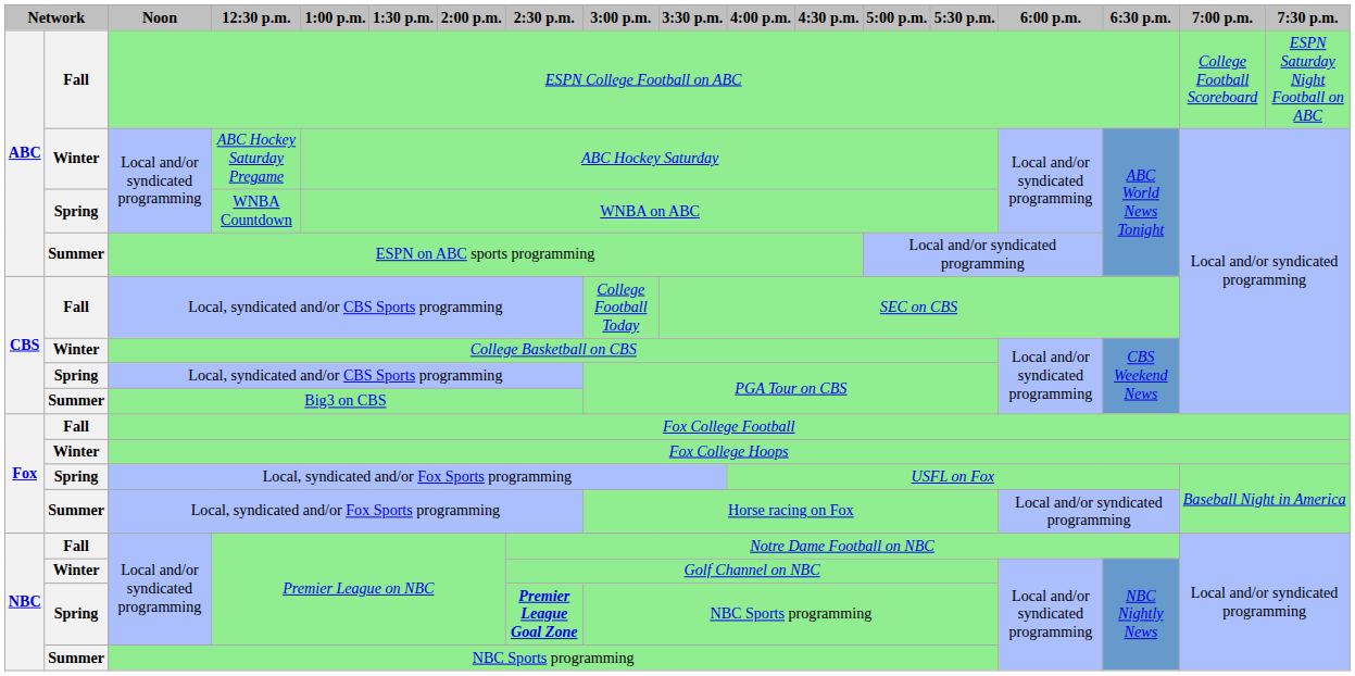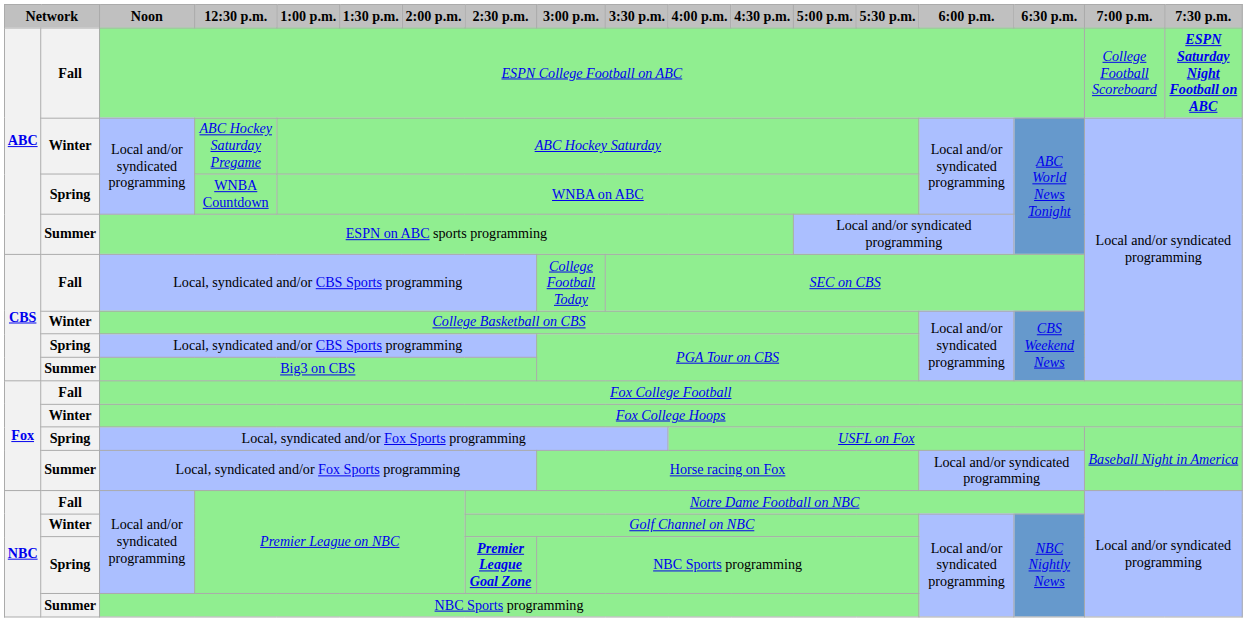 <table class="wikitable" style="width:100%;margin-right:0;font-size:90%;text-align:center">
 <tr>
 <th colspan="2" style="background:#C0C0C0; width:1.5%; text-align:center;">Network</th>
 <th style="background:#C0C0C0; text-align:center;">Noon</th>
 <th style="background:#C0C0C0; text-align:center;">12:30 p.m.</th>
 <th style="background:#C0C0C0; text-align:center;">1:00 p.m.</th>
 <th style="background:#C0C0C0; text-align:center;">1:30 p.m.</th>
 <th style="background:#C0C0C0; text-align:center;">2:00 p.m.</th>
 <th style="background:#C0C0C0; text-align:center;">2:30 p.m.</th>
 <th style="background:#C0C0C0; text-align:center;">3:00 p.m.</th>
 <th style="background:#C0C0C0; text-align:center;">3:30 p.m.</th>
 <th style="background:#C0C0C0; text-align:center;">4:00 p.m.</th>
 <th style="background:#C0C0C0; text-align:center;">4:30 p.m.</th>
 <th style="background:#C0C0C0; text-align:center;">5:00 p.m.</th>
 <th style="background:#C0C0C0; text-align:center;">5:30 p.m.</th>
 <th style="background:#C0C0C0; text-align:center;">6:00 p.m.</th>
 <th style="background:#C0C0C0; text-align:center;">6:30 p.m.</th>
 <th style="background:#C0C0C0; text-align:center;">7:00 p.m.</th>
 <th style="background:#C0C0C0; text-align:center;">7:30 p.m.</th>
 </tr>
 <tr>
 <th rowspan="4"><a href='#'>ABC</a></th>
 <th>Fall</th>
 <td colspan="14" style="background:lightgreen;"><em><a href='#'>ESPN College Football on ABC</a></em></td>
 <td style="background:lightgreen;"><em><a href='#'>College Football Scoreboard</a></em></td>
-<td style="background:lightgreen;"><em><a href='#'>ESPN Saturday Night Football on ABC</a></em><br></td>
+<td style="background:lightgreen;"><strong><em><a href='#'>ESPN Saturday Night Football on ABC</a></em><br></strong></td>
 </tr>
 <tr>
 <th>Winter</th>
 <td rowspan="2" style="background:#abbfff;">Local and/or syndicated programming</td>
 <td style="background:lightgreen;"><em><a href='#'>ABC Hockey Saturday Pregame</a></em></td>
 <td colspan="10" style="background:lightgreen;"><em><a href='#'>ABC Hockey Saturday</a></em></td>
 <td rowspan="2" style="background:#abbfff;">Local and/or syndicated programming</td>
 <td rowspan="3" style="background: #6699CC;"><em><a href='#'>ABC World News Tonight</a></em></td>
 <td colspan="2" rowspan="7" style="background:#abbfff;">Local and/or syndicated programming</td>
 </tr>
 <tr>
 <th>Spring</th>
 <td style="background:lightgreen;"><a href='#'>WNBA Countdown</a></td>
 <td colspan="10" style="background:lightgreen;"><a href='#'>WNBA on ABC</a></td>
 </tr>
 <tr>
 <th>Summer</th>
 <td colspan="10" style="background:lightgreen;"><a href='#'>ESPN on ABC</a> sports programming</td>
 <td colspan="3" style="background:#abbfff;">Local and/or syndicated programming</td>
 </tr>
 <tr>
 <th rowspan="4"><a href='#'>CBS</a></th>
 <th>Fall</th>
 <td colspan="6" style="background:#abbfff;">Local, syndicated  and/or <a href='#'>CBS Sports</a> programming</td>
 <td style="background:lightgreen;"><em><a href='#'>College Football Today</a></em></td>
 <td colspan="7" style="background:lightgreen;"><em><a href='#'>SEC on CBS</a></em></td>
 </tr>
 <tr>
 <th>Winter</th>
 <td colspan="12" style="background:lightgreen;"><em><a href='#'>College Basketball on CBS</a></em></td>
 <td rowspan="3" style="background:#abbfff;">Local and/or syndicated programming</td>
 <td rowspan="3" style="background: #6699CC;"><em><a href='#'>CBS Weekend News</a></em></td>
 </tr>
 <tr>
 <th>Spring</th>
 <td colspan="6" style="background:#abbfff;">Local, syndicated  and/or <a href='#'>CBS Sports</a> programming</td>
 <td colspan="6" rowspan="2" style="background:lightgreen;"><em><a href='#'>PGA Tour on CBS</a></em></td>
 </tr>
 <tr>
 <th>Summer</th>
 <td colspan="6" style="background:lightgreen;"><a href='#'>Big3 on CBS</a></td>
 </tr>
 <tr>
 <th rowspan="4"><a href='#'>Fox</a></th>
 <th>Fall</th>
 <td colspan="16" style="background:lightgreen;"><em><a href='#'>Fox College Football</a></em> </td>
 </tr>
 <tr>
 <th>Winter</th>
 <td colspan="16" style="background:lightgreen;"><em><a href='#'>Fox College Hoops</a></em> </td>
 </tr>
 <tr>
 <th>Spring</th>
 <td colspan="8" style="background:#abbfff;">Local, syndicated  and/or <a href='#'>Fox Sports</a> programming</td>
 <td colspan="6" style="background:lightgreen;"><em><a href='#'>USFL on Fox</a></em></td>
 <td colspan="2" rowspan="2" style="background:lightgreen;"><em><a href='#'>Baseball Night in America</a></em> </td>
 </tr>
 <tr>
 <th>Summer</th>
 <td colspan="6" style="background:#abbfff;">Local, syndicated  and/or <a href='#'>Fox Sports</a> programming</td>
 <td colspan="6" style="background:lightgreen;"><a href='#'>Horse racing on Fox</a></td>
 <td colspan="2" style="background:#abbfff;">Local and/or syndicated programming</td>
 </tr>
 <tr>
 <th rowspan="4"><a href='#'>NBC</a></th>
 <th>Fall</th>
 <td rowspan="3" style="background:#abbfff;">Local and/or syndicated programming</td>
 <td colspan="4" rowspan="3" style="background:lightgreen;"><em><a href='#'>Premier League on NBC</a></em></td>
 <td colspan="9" style="background:lightgreen;"><em><a href='#'>Notre Dame Football on NBC</a></em></td>
 <td colspan="2" rowspan="4" style="background:#abbfff;">Local and/or syndicated programming</td>
 </tr>
 <tr>
 <th>Winter</th>
 <td colspan="7" style="background:lightgreen;"><em><a href='#'>Golf Channel on NBC</a></em></td>
 <td rowspan="3" style="background:#abbfff;">Local and/or syndicated programming</td>
 <td rowspan="3" style="background: #6699CC;"><em><a href='#'>NBC Nightly News</a></em></td>
 </tr>
 <tr>
 <th>Spring</th>
 <td style="background:lightgreen;"><strong><em><a href='#'>Premier League Goal Zone</a></em></strong></td>
 <td colspan="6" style="background:lightgreen;"><a href='#'>NBC Sports</a> programming</td>
 </tr>
 <tr>
 <th>Summer</th>
 <td colspan="12" style="background:lightgreen;"><a href='#'>NBC Sports</a> programming</td>
 </tr>
 </table>
